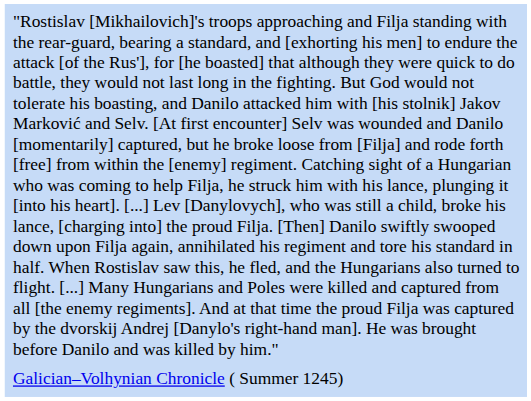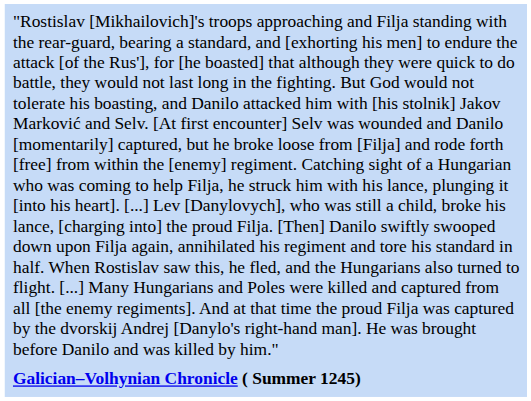 <table class="toccolours" style="float: right; margin-left: 2em; margin-right: 1em; font-size: 85%; background:#c6dbf7; color:black; width:30em; max-width: 40%;" cellspacing="5">
 <tr>
 <td style="text-align: left;">"Rostislav [Mikhailovich]'s troops approaching and Filja standing with the rear-guard, bearing a standard, and [exhorting his men] to endure the attack [of the Rus'], for [he boasted] that although they were quick to do battle, they would not last long in the fighting. But God would not tolerate his boasting, and Danilo attacked him with [his stolnik] Jakov Marković and Selv. [At first encounter] Selv was wounded and Danilo [momentarily] captured, but he broke loose from [Filja] and rode forth [free] from within the [enemy] regiment. Catching sight of a Hungarian who was coming to help Filja, he struck him with his lance, plunging it [into his heart]. [...] Lev [Danylovych], who was still a child, broke his lance, [charging into] the proud Filja. [Then] Danilo swiftly swooped down upon Filja again, annihilated his regiment and tore his standard in half. When Rostislav saw this, he fled, and the Hungarians also turned to flight. [...] Many Hungarians and Poles were killed and captured from all [the enemy regiments]. And at that time the proud Filja was captured by the dvorskij Andrej [Danylo's right-hand man]. He was brought before Danilo and was killed by him."</td>
 </tr>
 <tr>
-<td style="text-align: left;"><a href='#'>Galician–Volhynian Chronicle</a> ( Summer 1245)</td>
+<td style="text-align: left;"><strong><a href='#'>Galician–Volhynian Chronicle</a> ( Summer 1245)</strong></td>
 </tr>
 </table>
